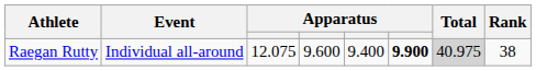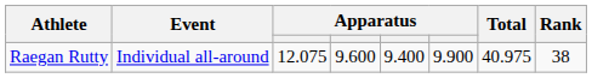 <table class="wikitable" style="font-size:90%">
 <tr>
 <th rowspan=2>Athlete</th>
 <th rowspan=2>Event</th>
 <th colspan=4>Apparatus</th>
 <th rowspan=2>Total</th>
 <th rowspan=2>Rank</th>
 </tr>
 <tr style="font-size:95%">
 <th></th>
 <th></th>
 <th></th>
 <th></th>
 </tr>
 <tr align=center>
 <td align=left><a href='#'>Raegan Rutty</a></td>
 <td align=left rowspan=6><a href='#'>Individual all-around</a></td>
 <td>12.075</td>
 <td>9.600</td>
 <td>9.400</td>
-<td><strong>9.900</strong></td>
-<td style="background: lightgrey;">40.975</td>
+<td>9.900</td>
+<td>40.975</td>
 <td>38</td>
 </tr>
 </table>
